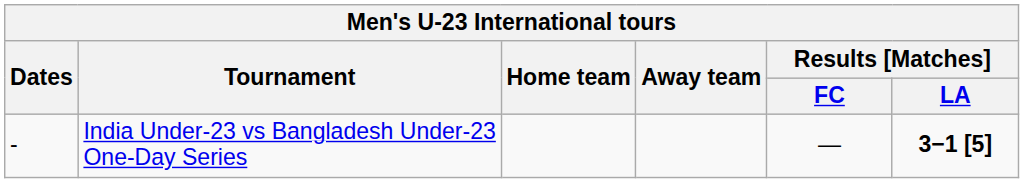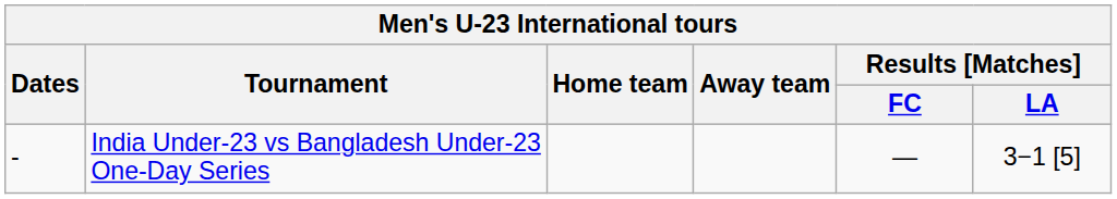 <table class="wikitable" style="text-align:center; white-space:nowrap">
 <tr>
 <th colspan=6>Men's U-23 International tours</th>
 </tr>
 <tr>
 <th rowspan=2>Dates</th>
 <th rowspan=2>Tournament</th>
 <th rowspan=2>Home team</th>
 <th rowspan=2>Away team</th>
 <th colspan=2>Results [Matches]</th>
 </tr>
 <tr>
 <th width=80><a href='#'>FC</a></th>
 <th width=80><a href='#'>LA</a></th>
 </tr>
 <tr>
 <td style="text-align:left">-<br></td>
 <td style="text-align:left"><a href='#'>India Under-23 vs Bangladesh Under-23 <br>One-Day Series</a></td>
 <td style="text-align:left"></td>
 <td style="text-align:left"></td>
 <td>—</td>
-<td><strong>3−1 [5]</strong></td>
+<td>3−1 [5]</td>
 </tr>
 </table>
